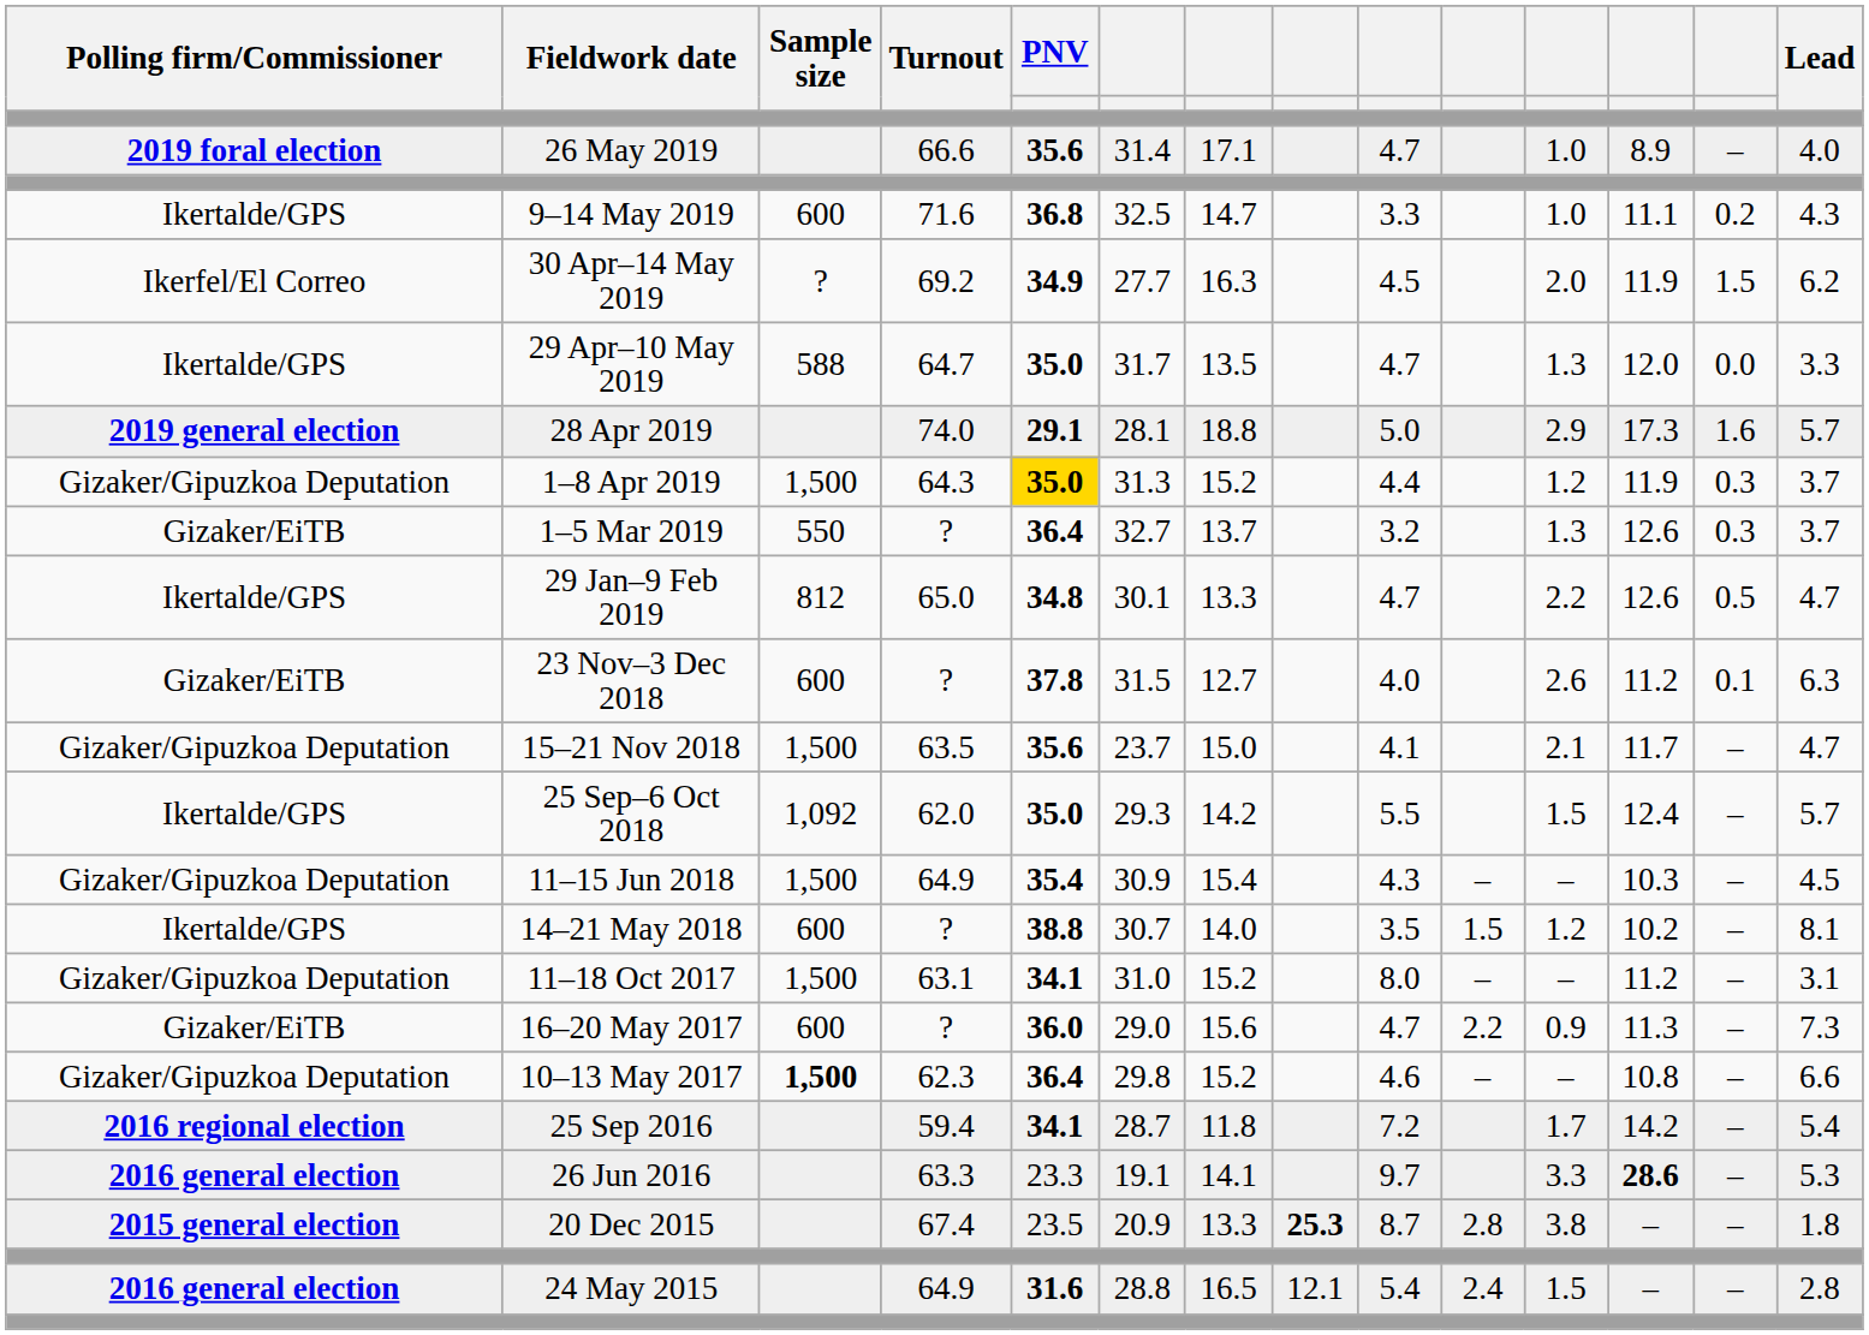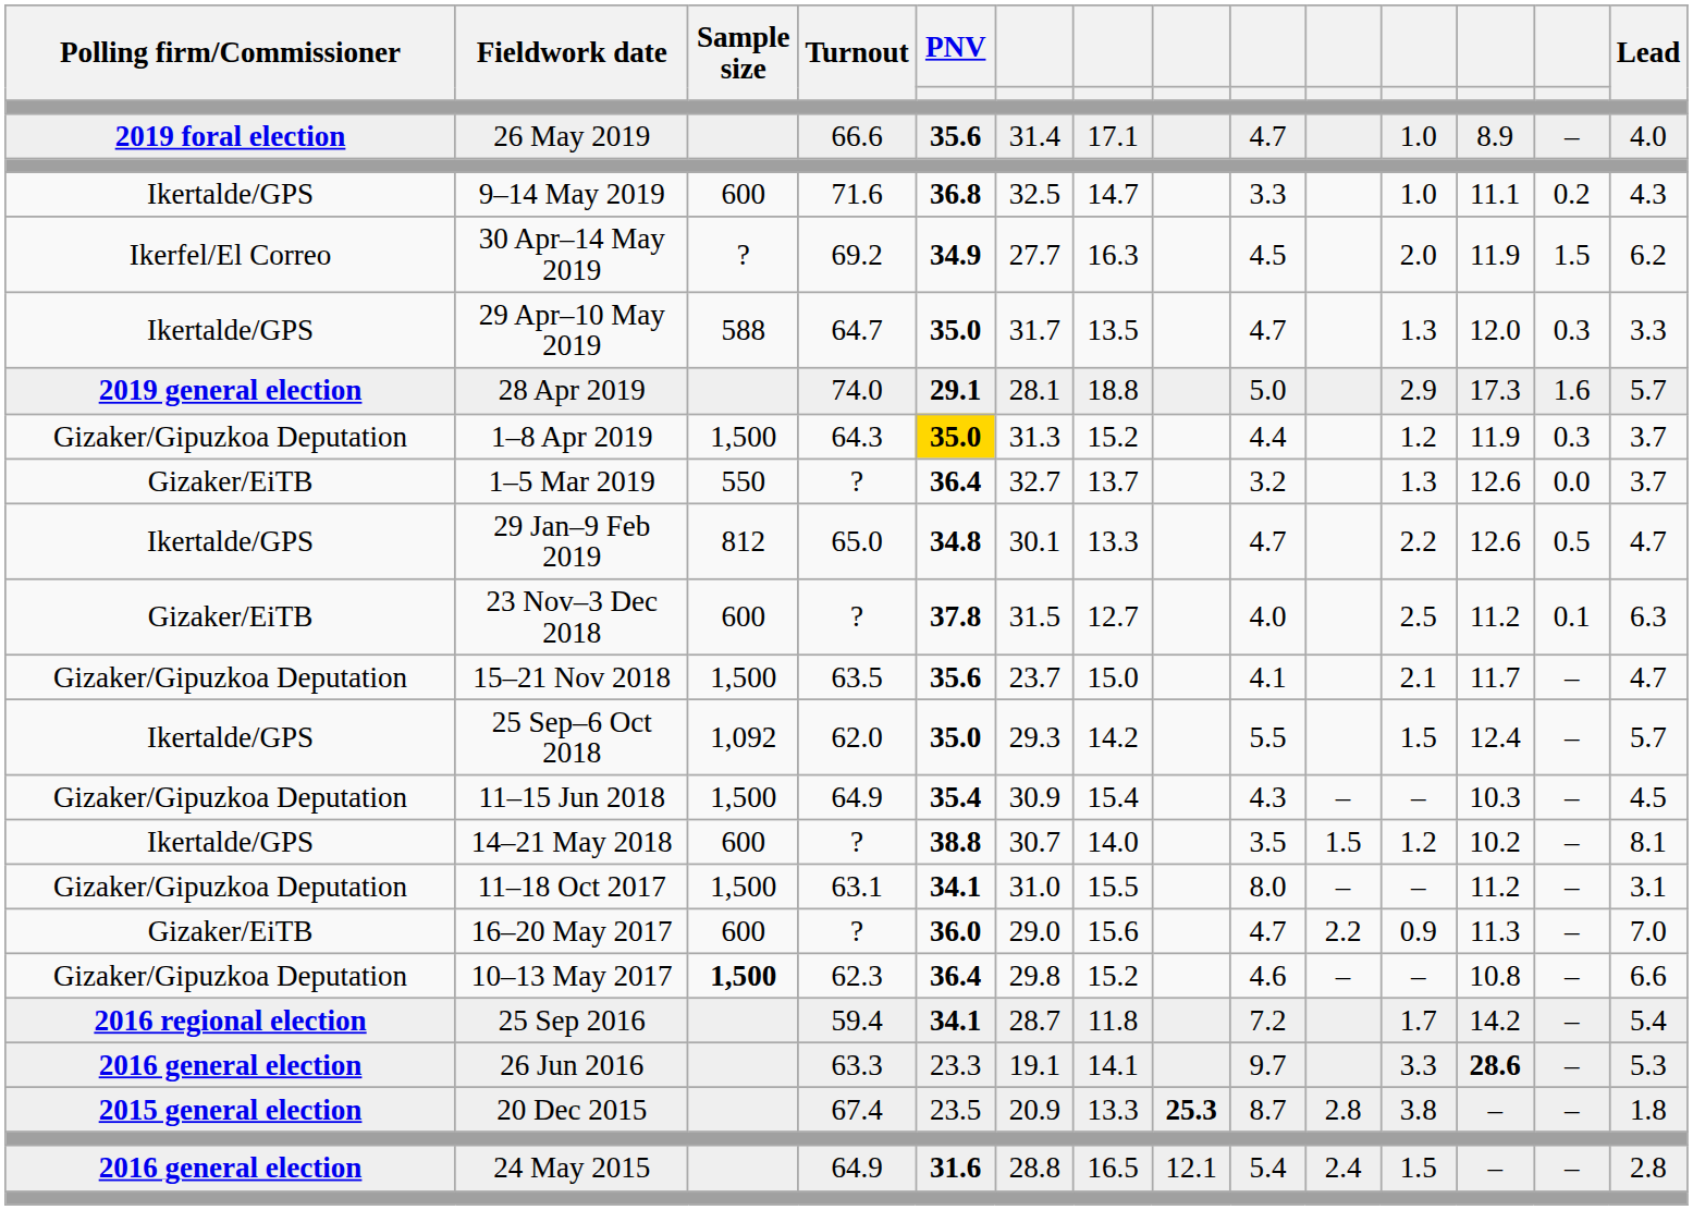 <table class="wikitable collapsible collapsed" style="text-align:center; font-size:95%; line-height:16px;">
 <tr style="height:42px;">
 <th style="width:250px;" rowspan="2">Polling firm/Commissioner</th>
 <th style="width:125px;" rowspan="2">Fieldwork date</th>
 <th style="width:50px;" rowspan="2">Sample size</th>
 <th style="width:45px;" rowspan="2">Turnout</th>
 <th style="width:35px;"><a href='#'>PNV</a></th>
 <th style="width:35px;"></th>
 <th style="width:35px;"></th>
 <th style="width:35px;"></th>
 <th style="width:35px;"></th>
 <th style="width:35px;"></th>
 <th style="width:35px;"></th>
 <th style="width:35px;"></th>
 <th style="width:35px;"></th>
 <th style="width:30px;" rowspan="2">Lead</th>
 </tr>
 <tr>
 <th style="color:inherit;background:"></th>
 <th style="color:inherit;background:"></th>
 <th style="color:inherit;background:"></th>
 <th style="color:inherit;background:"></th>
 <th style="color:inherit;background:"></th>
 <th style="color:inherit;background:"></th>
 <th style="color:inherit;background:"></th>
 <th style="color:inherit;background:"></th>
 <th style="color:inherit;background:"></th>
 </tr>
 <tr>
 <td colspan="14" style="background:#A0A0A0"></td>
 </tr>
 <tr style="background:#EFEFEF;">
 <td><strong><a href='#'>2019 foral election</a></strong></td>
 <td>26 May 2019</td>
 <td></td>
 <td>66.6</td>
 <td><strong>35.6</strong><br></td>
 <td>31.4<br></td>
 <td>17.1<br></td>
 <td></td>
 <td>4.7<br></td>
 <td></td>
 <td>1.0<br></td>
 <td>8.9<br></td>
 <td>–</td>
 <td style="background:">4.0</td>
 </tr>
 <tr>
 <td colspan="14" style="background:#A0A0A0"></td>
 </tr>
 <tr>
 <td>Ikertalde/GPS</td>
 <td>9–14 May 2019</td>
 <td>600</td>
 <td>71.6</td>
 <td><strong>36.8</strong></td>
 <td>32.5</td>
 <td>14.7</td>
 <td></td>
 <td>3.3</td>
 <td></td>
 <td>1.0</td>
 <td>11.1</td>
 <td>0.2</td>
 <td style="background:">4.3</td>
 </tr>
 <tr>
 <td>Ikerfel/El Correo</td>
 <td>30 Apr–14 May 2019</td>
 <td>?</td>
 <td>69.2</td>
 <td><strong>34.9</strong><br></td>
 <td>27.7<br></td>
 <td>16.3<br></td>
 <td></td>
 <td>4.5<br></td>
 <td></td>
 <td>2.0<br></td>
 <td>11.9<br></td>
 <td>1.5<br></td>
 <td style="background:">6.2</td>
 </tr>
 <tr>
 <td>Ikertalde/GPS</td>
 <td>29 Apr–10 May 2019</td>
 <td>588</td>
 <td>64.7</td>
 <td><strong>35.0</strong></td>
 <td>31.7</td>
 <td>13.5</td>
 <td></td>
 <td>4.7</td>
 <td></td>
 <td>1.3</td>
 <td>12.0</td>
-<td>0.0</td>
+<td>0.3</td>
 <td style="background:">3.3</td>
 </tr>
 <tr style="background:#EFEFEF;">
 <td><strong><a href='#'>2019 general election</a></strong></td>
 <td>28 Apr 2019</td>
 <td></td>
 <td>74.0</td>
 <td><strong>29.1</strong></td>
 <td>28.1</td>
 <td>18.8</td>
 <td></td>
 <td>5.0</td>
 <td></td>
 <td>2.9</td>
 <td>17.3</td>
 <td>1.6</td>
 <td style="background:">5.7</td>
 </tr>
 <tr>
 <td>Gizaker/Gipuzkoa Deputation</td>
 <td>1–8 Apr 2019</td>
 <td>1,500</td>
 <td>64.3</td>
 <td style="background: gold;"><strong>35.0</strong><br></td>
 <td>31.3<br></td>
 <td>15.2<br></td>
 <td></td>
 <td>4.4<br></td>
 <td></td>
 <td>1.2<br></td>
 <td>11.9<br></td>
 <td>0.3<br></td>
 <td style="background:">3.7</td>
 </tr>
 <tr>
 <td>Gizaker/EiTB</td>
 <td>1–5 Mar 2019</td>
 <td>550</td>
 <td>?</td>
 <td><strong>36.4</strong></td>
 <td>32.7</td>
 <td>13.7</td>
 <td></td>
 <td>3.2</td>
 <td></td>
 <td>1.3</td>
 <td>12.6</td>
-<td>0.3</td>
+<td>0.0</td>
 <td style="background:">3.7</td>
 </tr>
 <tr>
 <td>Ikertalde/GPS</td>
 <td>29 Jan–9 Feb 2019</td>
 <td>812</td>
 <td>65.0</td>
 <td><strong>34.8</strong></td>
 <td>30.1</td>
 <td>13.3</td>
 <td></td>
 <td>4.7</td>
 <td></td>
 <td>2.2</td>
 <td>12.6</td>
 <td>0.5</td>
 <td style="background:">4.7</td>
 </tr>
 <tr>
 <td>Gizaker/EiTB</td>
 <td>23 Nov–3 Dec 2018</td>
 <td>600</td>
 <td>?</td>
 <td><strong>37.8</strong></td>
 <td>31.5</td>
 <td>12.7</td>
 <td></td>
 <td>4.0</td>
 <td></td>
-<td>2.6</td>
+<td>2.5</td>
 <td>11.2</td>
 <td>0.1</td>
 <td style="background:">6.3</td>
 </tr>
 <tr>
 <td>Gizaker/Gipuzkoa Deputation</td>
 <td>15–21 Nov 2018</td>
 <td>1,500</td>
 <td>63.5</td>
 <td><strong>35.6</strong><br></td>
 <td>23.7<br></td>
 <td>15.0<br></td>
 <td></td>
 <td>4.1<br></td>
 <td></td>
 <td>2.1<br></td>
 <td>11.7<br></td>
 <td>–</td>
 <td style="background:">4.7</td>
 </tr>
 <tr>
 <td>Ikertalde/GPS</td>
 <td>25 Sep–6 Oct 2018</td>
 <td>1,092</td>
 <td>62.0</td>
 <td><strong>35.0</strong></td>
 <td>29.3</td>
 <td>14.2</td>
 <td></td>
 <td>5.5</td>
 <td></td>
 <td>1.5</td>
 <td>12.4</td>
 <td>–</td>
 <td style="background:">5.7</td>
 </tr>
 <tr>
 <td>Gizaker/Gipuzkoa Deputation</td>
 <td>11–15 Jun 2018</td>
 <td>1,500</td>
 <td>64.9</td>
 <td><strong>35.4</strong><br></td>
 <td>30.9<br></td>
 <td>15.4<br></td>
 <td></td>
 <td>4.3<br></td>
 <td>–</td>
 <td>–</td>
 <td>10.3<br></td>
 <td>–</td>
 <td style="background:">4.5</td>
 </tr>
 <tr>
 <td>Ikertalde/GPS</td>
 <td>14–21 May 2018</td>
 <td>600</td>
 <td>?</td>
 <td><strong>38.8</strong></td>
 <td>30.7</td>
 <td>14.0</td>
 <td></td>
 <td>3.5</td>
 <td>1.5</td>
 <td>1.2</td>
 <td>10.2</td>
 <td>–</td>
 <td style="background:">8.1</td>
 </tr>
 <tr>
 <td>Gizaker/Gipuzkoa Deputation</td>
 <td>11–18 Oct 2017</td>
 <td>1,500</td>
 <td>63.1</td>
 <td><strong>34.1</strong><br></td>
 <td>31.0<br></td>
-<td>15.2<br></td>
+<td>15.5<br></td>
 <td></td>
 <td>8.0<br></td>
 <td>–</td>
 <td>–</td>
 <td>11.2<br></td>
 <td>–</td>
 <td style="background:">3.1</td>
 </tr>
 <tr>
 <td>Gizaker/EiTB</td>
 <td>16–20 May 2017</td>
 <td>600</td>
 <td>?</td>
 <td><strong>36.0</strong></td>
 <td>29.0</td>
 <td>15.6</td>
 <td></td>
 <td>4.7</td>
 <td>2.2</td>
 <td>0.9</td>
 <td>11.3</td>
 <td>–</td>
-<td style="background:">7.3</td>
+<td style="background:">7.0</td>
 </tr>
 <tr>
 <td>Gizaker/Gipuzkoa Deputation</td>
 <td>10–13 May 2017</td>
 <td><strong>1,500</strong></td>
 <td>62.3</td>
 <td><strong>36.4</strong><br></td>
 <td>29.8<br></td>
 <td>15.2<br></td>
 <td></td>
 <td>4.6<br></td>
 <td>–</td>
 <td>–</td>
 <td>10.8<br></td>
 <td>–</td>
 <td style="background:">6.6</td>
 </tr>
 <tr style="background:#EFEFEF;">
 <td><strong><a href='#'>2016 regional election</a></strong></td>
 <td>25 Sep 2016</td>
 <td></td>
 <td>59.4</td>
 <td><strong>34.1</strong></td>
 <td>28.7</td>
 <td>11.8</td>
 <td></td>
 <td>7.2</td>
 <td></td>
 <td>1.7</td>
 <td>14.2</td>
 <td>–</td>
 <td style="background:">5.4</td>
 </tr>
 <tr style="background:#EFEFEF;">
 <td><strong><a href='#'>2016 general election</a></strong></td>
 <td>26 Jun 2016</td>
 <td></td>
 <td>63.3</td>
 <td>23.3</td>
 <td>19.1</td>
 <td>14.1</td>
 <td></td>
 <td>9.7</td>
 <td></td>
 <td>3.3</td>
 <td><strong>28.6</strong></td>
 <td>–</td>
 <td style="background:">5.3</td>
 </tr>
 <tr style="background:#EFEFEF;">
 <td><strong><a href='#'>2015 general election</a></strong></td>
 <td>20 Dec 2015</td>
 <td></td>
 <td>67.4</td>
 <td>23.5</td>
 <td>20.9</td>
 <td>13.3</td>
 <td><strong>25.3</strong></td>
 <td>8.7</td>
 <td>2.8</td>
 <td>3.8</td>
 <td>–</td>
 <td>–</td>
 <td style="background:">1.8</td>
 </tr>
 <tr>
 <td colspan="14" style="background:#A0A0A0"></td>
 </tr>
 <tr style="background:#EFEFEF;">
 <td><strong><a href='#'>2016 general election</a></strong></td>
 <td>24 May 2015</td>
 <td></td>
 <td>64.9</td>
 <td><strong>31.6</strong><br></td>
 <td>28.8<br></td>
 <td>16.5<br></td>
 <td>12.1<br></td>
 <td>5.4<br></td>
 <td>2.4<br></td>
 <td>1.5<br></td>
 <td>–</td>
 <td>–</td>
 <td style="background:">2.8</td>
 </tr>
 <tr>
 <td colspan="14" style="background:#A0A0A0"></td>
 </tr>
 </table>
